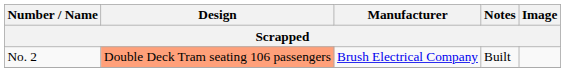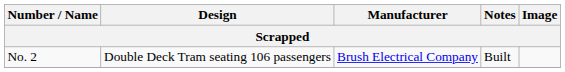 <table class="wikitable">
 <tr>
 <th>Number / Name</th>
 <th>Design</th>
 <th>Manufacturer</th>
 <th>Notes</th>
 <th>Image</th>
 </tr>
 <tr>
 <th colspan=5>Scrapped</th>
 </tr>
 <tr>
 <td>No. 2</td>
-<td style="background: lightsalmon;">Double Deck Tram seating 106 passengers</td>
+<td>Double Deck Tram seating 106 passengers</td>
 <td><a href='#'>Brush Electrical Company</a></td>
 <td>Built </td>
 <td></td>
 </tr>
 <tr>
 </tr>
 </table>
